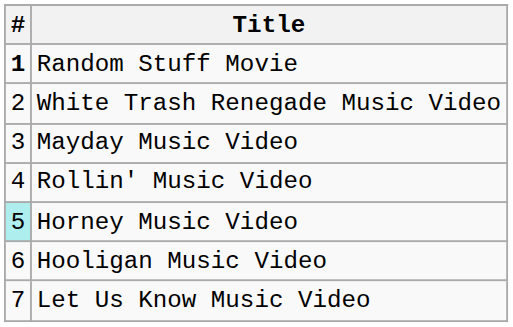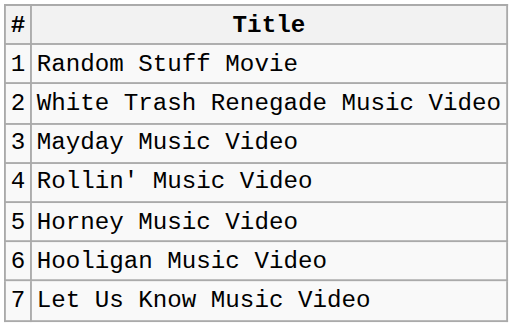 <table class="wikitable">
 <tr>
 </tr>
 <tr>
 <th align="center">#</th>
 <th align="center">Title</th>
 </tr>
 <tr>
-<td><strong>1</strong></td>
+<td>1</td>
 <td>Random Stuff Movie</td>
 </tr>
 <tr>
 <td>2</td>
 <td>White Trash Renegade Music Video</td>
 </tr>
 <tr>
 <td>3</td>
 <td>Mayday Music Video</td>
 </tr>
 <tr>
 <td>4</td>
 <td>Rollin' Music Video</td>
 </tr>
 <tr>
-<td style="background: paleturquoise;">5</td>
+<td>5</td>
 <td>Horney Music Video</td>
 </tr>
 <tr>
 <td>6</td>
 <td>Hooligan Music Video</td>
 </tr>
 <tr>
 <td>7</td>
 <td>Let Us Know Music Video</td>
 </tr>
 </table>
